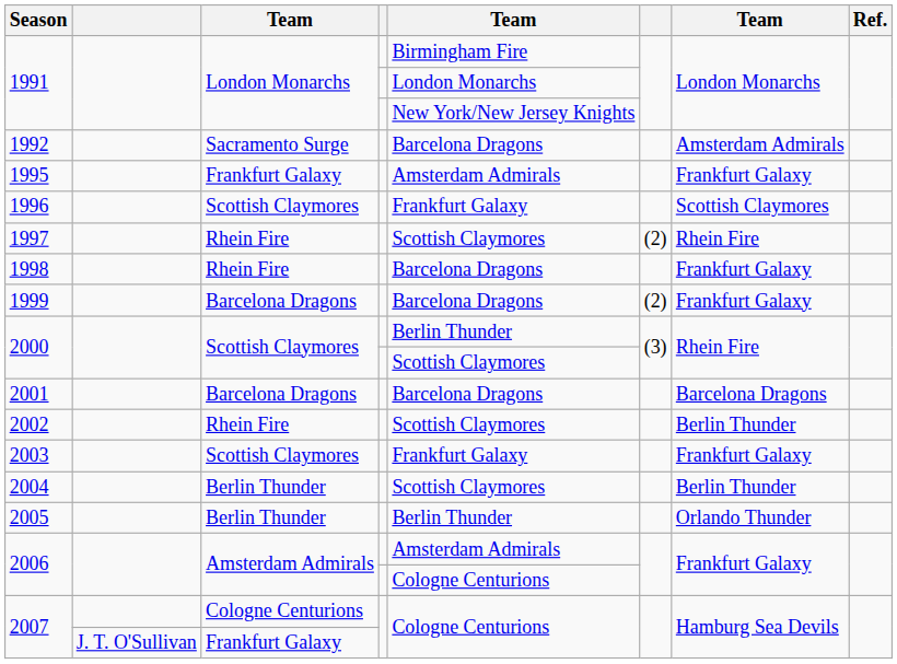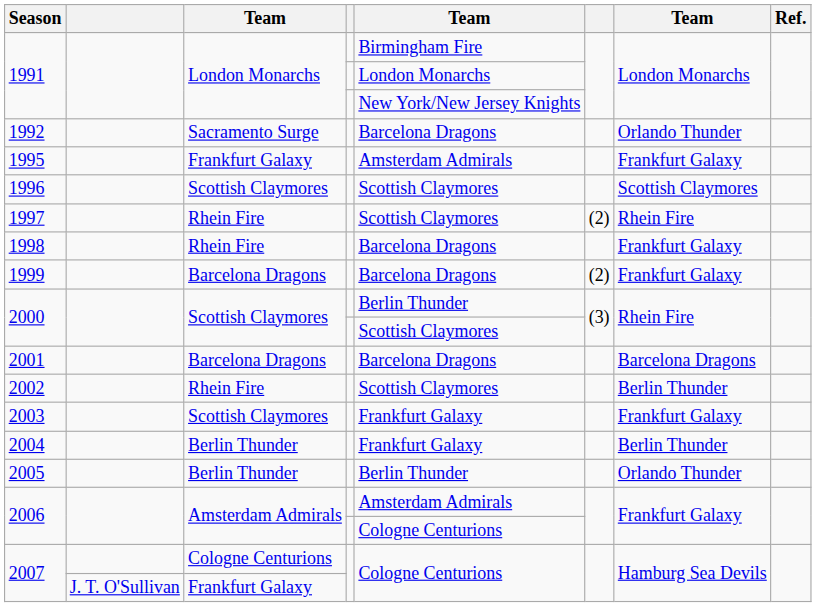 <table class="plainrowheaders sortable wikitable">
 <tr>
 <th scope="col">Season</th>
 <th scope="col"></th>
 <th scope="col">Team</th>
 <th scope="col"></th>
 <th scope="col">Team</th>
 <th scope="col"></th>
 <th scope="col">Team</th>
 <th scope="col" class="unsortable">Ref.</th>
 </tr>
 <tr>
 <td rowspan="3"><a href='#'>1991</a></td>
 <td rowspan="3"></td>
 <td rowspan="3"> <a href='#'>London Monarchs</a></td>
 <td></td>
 <td> <a href='#'>Birmingham Fire</a></td>
 <td rowspan="3"></td>
 <td rowspan="3"> <a href='#'>London Monarchs</a></td>
 <td rowspan="3"></td>
 </tr>
 <tr>
 <td></td>
 <td> <a href='#'>London Monarchs</a></td>
 </tr>
 <tr>
 <td></td>
 <td> <a href='#'>New York/New Jersey Knights</a></td>
 </tr>
 <tr>
 <td><a href='#'>1992</a></td>
 <td></td>
 <td> <a href='#'>Sacramento Surge</a></td>
 <td></td>
 <td> <a href='#'>Barcelona Dragons</a></td>
 <td></td>
-<td> <a href='#'>Amsterdam Admirals</a></td>
+<td> <a href='#'>Orlando Thunder</a></td>
 <td></td>
 </tr>
 <tr>
 <td><a href='#'>1995</a></td>
 <td></td>
 <td> <a href='#'>Frankfurt Galaxy</a></td>
 <td></td>
 <td> <a href='#'>Amsterdam Admirals</a></td>
 <td></td>
 <td> <a href='#'>Frankfurt Galaxy</a></td>
 <td></td>
 </tr>
 <tr>
 <td><a href='#'>1996</a></td>
 <td></td>
 <td> <a href='#'>Scottish Claymores</a></td>
 <td></td>
-<td> <a href='#'>Frankfurt Galaxy</a></td>
+<td> <a href='#'>Scottish Claymores</a></td>
 <td></td>
 <td> <a href='#'>Scottish Claymores</a></td>
 <td></td>
 </tr>
 <tr>
 <td><a href='#'>1997</a></td>
 <td></td>
 <td> <a href='#'>Rhein Fire</a></td>
 <td></td>
 <td> <a href='#'>Scottish Claymores</a></td>
 <td> (2)</td>
 <td> <a href='#'>Rhein Fire</a></td>
 <td></td>
 </tr>
 <tr>
 <td><a href='#'>1998</a></td>
 <td></td>
 <td> <a href='#'>Rhein Fire</a></td>
 <td></td>
 <td> <a href='#'>Barcelona Dragons</a></td>
 <td></td>
 <td> <a href='#'>Frankfurt Galaxy</a></td>
 <td></td>
 </tr>
 <tr>
 <td><a href='#'>1999</a></td>
 <td></td>
 <td> <a href='#'>Barcelona Dragons</a></td>
 <td></td>
 <td> <a href='#'>Barcelona Dragons</a></td>
 <td> (2)</td>
 <td> <a href='#'>Frankfurt Galaxy</a></td>
 <td></td>
 </tr>
 <tr>
 <td rowspan="2"><a href='#'>2000</a></td>
 <td rowspan="2"></td>
 <td rowspan="2"> <a href='#'>Scottish Claymores</a></td>
 <td></td>
 <td> <a href='#'>Berlin Thunder</a></td>
 <td rowspan="2"> (3)</td>
 <td rowspan="2"> <a href='#'>Rhein Fire</a></td>
 <td rowspan="2"></td>
 </tr>
 <tr>
 <td></td>
 <td> <a href='#'>Scottish Claymores</a></td>
 </tr>
 <tr>
 <td><a href='#'>2001</a></td>
 <td></td>
 <td> <a href='#'>Barcelona Dragons</a></td>
 <td></td>
 <td> <a href='#'>Barcelona Dragons</a></td>
 <td></td>
 <td> <a href='#'>Barcelona Dragons</a></td>
 <td></td>
 </tr>
 <tr>
 <td><a href='#'>2002</a></td>
 <td></td>
 <td> <a href='#'>Rhein Fire</a></td>
 <td></td>
 <td> <a href='#'>Scottish Claymores</a></td>
 <td></td>
 <td> <a href='#'>Berlin Thunder</a></td>
 <td></td>
 </tr>
 <tr>
 <td><a href='#'>2003</a></td>
 <td></td>
 <td> <a href='#'>Scottish Claymores</a></td>
 <td></td>
 <td> <a href='#'>Frankfurt Galaxy</a></td>
 <td></td>
 <td> <a href='#'>Frankfurt Galaxy</a></td>
 <td></td>
 </tr>
 <tr>
 <td><a href='#'>2004</a></td>
 <td></td>
 <td> <a href='#'>Berlin Thunder</a></td>
 <td></td>
-<td> <a href='#'>Scottish Claymores</a></td>
+<td> <a href='#'>Frankfurt Galaxy</a></td>
 <td></td>
 <td> <a href='#'>Berlin Thunder</a></td>
 <td></td>
 </tr>
 <tr>
 <td><a href='#'>2005</a></td>
 <td></td>
 <td> <a href='#'>Berlin Thunder</a></td>
 <td></td>
 <td> <a href='#'>Berlin Thunder</a></td>
 <td></td>
 <td> <a href='#'>Orlando Thunder</a></td>
 <td></td>
 </tr>
 <tr>
 <td rowspan="2"><a href='#'>2006</a></td>
 <td rowspan="2"></td>
 <td rowspan="2"> <a href='#'>Amsterdam Admirals</a></td>
 <td></td>
 <td> <a href='#'>Amsterdam Admirals</a></td>
 <td rowspan="2"></td>
 <td rowspan="2"> <a href='#'>Frankfurt Galaxy</a></td>
 <td rowspan="2"></td>
 </tr>
 <tr>
 <td></td>
 <td> <a href='#'>Cologne Centurions</a></td>
 </tr>
 <tr>
 <td rowspan="2"><a href='#'>2007</a></td>
 <td></td>
 <td> <a href='#'>Cologne Centurions</a></td>
 <td rowspan="2"></td>
 <td rowspan="2"> <a href='#'>Cologne Centurions</a></td>
 <td rowspan="2"></td>
 <td rowspan="2"> <a href='#'>Hamburg Sea Devils</a></td>
 <td rowspan="2"></td>
 </tr>
 <tr>
 <td><a href='#'>J. T. O'Sullivan</a></td>
 <td> <a href='#'>Frankfurt Galaxy</a></td>
 </tr>
 </table>
